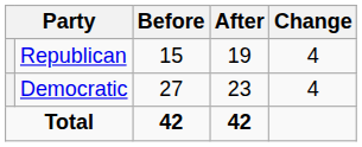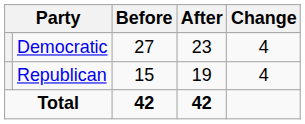 <table class="wikitable" style="text-align:center;">
 <tr>
 <th colspan="2">Party</th>
 <th>Before</th>
 <th>After</th>
 <th>Change</th>
 </tr>
 <tr>
 <th style="background-color:"></th>
-<td style="text-align:left;"><a href='#'>Republican</a></td>
-<td>15</td>
-<td>19</td>
+<td style="text-align:left;"><a href='#'>Democratic</a></td>
+<td>27</td>
+<td>23</td>
 <td> 4</td>
 </tr>
 <tr>
 <th style="background-color:"></th>
-<td style="text-align:left;"><a href='#'>Democratic</a></td>
-<td>27</td>
-<td>23</td>
+<td style="text-align:left;"><a href='#'>Republican</a></td>
+<td>15</td>
+<td>19</td>
 <td> 4</td>
 </tr>
 <tr>
 <td colspan="2"><strong>Total</strong></td>
 <td><strong>42</strong></td>
 <td><strong>42</strong></td>
 <td></td>
 </tr>
 </table>
